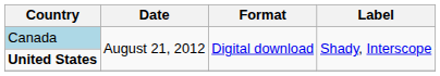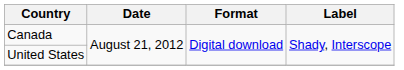 <table class="wikitable">
 <tr>
 <th>Country</th>
 <th>Date</th>
 <th>Format</th>
 <th>Label</th>
 </tr>
 <tr>
-<td style="background: lightblue;">Canada</td>
+<td>Canada</td>
 <td rowspan="2">August 21, 2012</td>
 <td rowspan="2"><a href='#'>Digital download</a></td>
 <td rowspan="2"><a href='#'>Shady</a>, <a href='#'>Interscope</a></td>
 </tr>
 <tr>
-<td><strong>United States</strong></td>
+<td>United States</td>
 </tr>
 <tr>
 </tr>
 </table>
